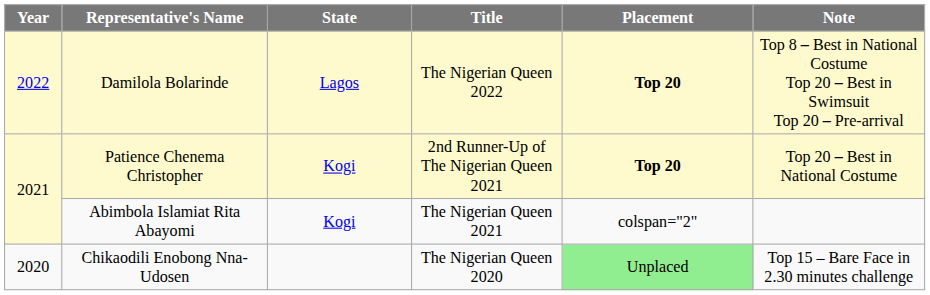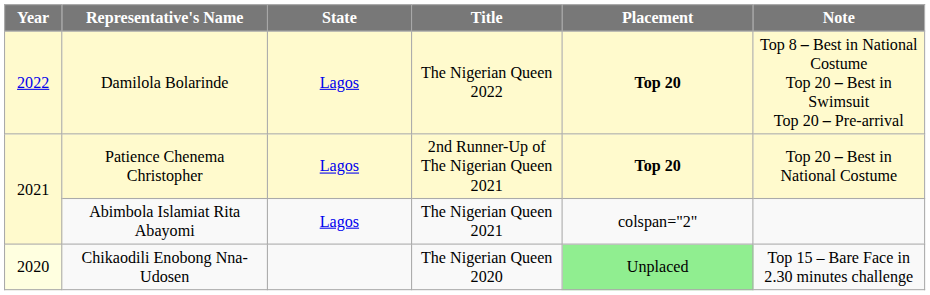 <table class="wikitable sortable" style="font-size: 95%; text-align:center">
 <tr>
 <th width="60" style="background-color:#787878;color:#FFFFFF;">Year</th>
 <th width="250" style="background-color:#787878;color:#FFFFFF;">Representative's Name</th>
 <th width="200" style="background-color:#787878;color:#FFFFFF;">State</th>
 <th width="200" style="background-color:#787878;color:#FFFFFF;">Title</th>
 <th width="250" style="background-color:#787878;color:#FFFFFF;">Placement</th>
 <th width="230" style="background-color:#787878;color:#FFFFFF;">Note</th>
 </tr>
 <tr style="background-color:#FFFACD">
 <td> <a href='#'>2022</a></td>
 <td>Damilola Bolarinde</td>
 <td> <a href='#'>Lagos</a></td>
 <td>The Nigerian Queen 2022</td>
 <td><strong>Top 20</strong></td>
 <td>Top 8 <strong>–</strong> Best in National Costume<br>Top 20 <strong>–</strong> Best in Swimsuit<br>Top 20 <strong>–</strong> Pre-arrival</td>
 </tr>
 <tr style="background-color:#FFFACD">
 <td rowspan="2"> 2021</td>
 <td>Patience Chenema Christopher</td>
-<td> <a href='#'>Kogi</a></td>
+<td> <a href='#'>Lagos</a></td>
 <td>2nd Runner-Up of The Nigerian Queen 2021</td>
 <td><strong>Top 20</strong></td>
 <td>Top 20 <strong>–</strong> Best in National Costume</td>
 </tr>
 <tr>
 <td>Abimbola Islamiat Rita Abayomi</td>
-<td> <a href='#'>Kogi</a></td>
+<td> <a href='#'>Lagos</a></td>
 <td>The Nigerian Queen 2021</td>
 <td>colspan="2" </td>
 </tr>
 <tr>
-<td> 2020</td>
+<td style="background: lightyellow;"> 2020</td>
 <td>Chikaodili Enobong Nna-Udosen</td>
 <td></td>
 <td>The Nigerian Queen 2020</td>
 <td style="background: lightgreen;">Unplaced</td>
 <td>Top 15 – Bare Face in 2.30 minutes challenge</td>
 </tr>
 </table>
